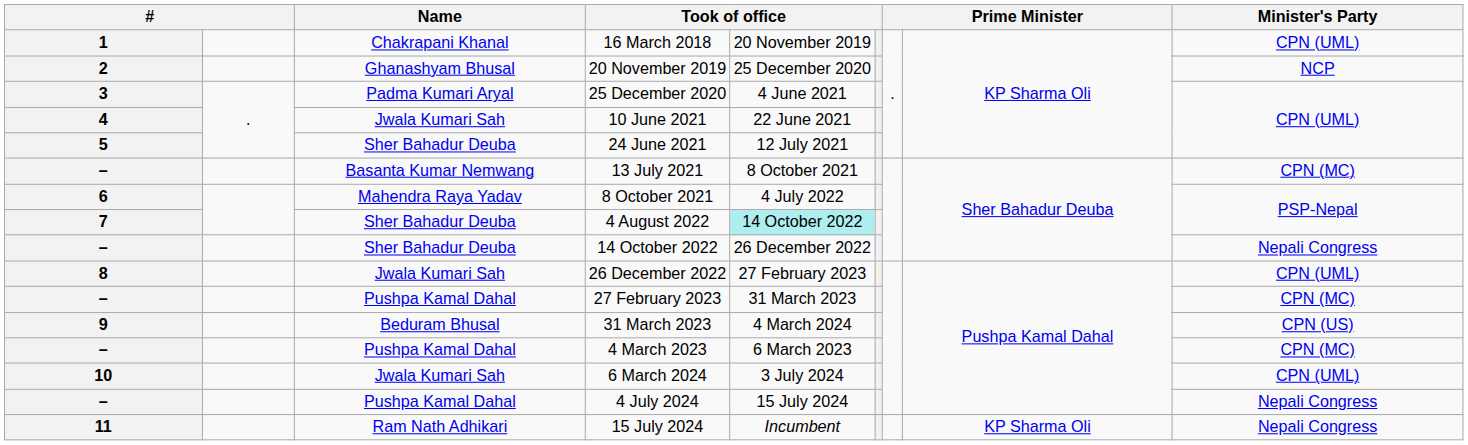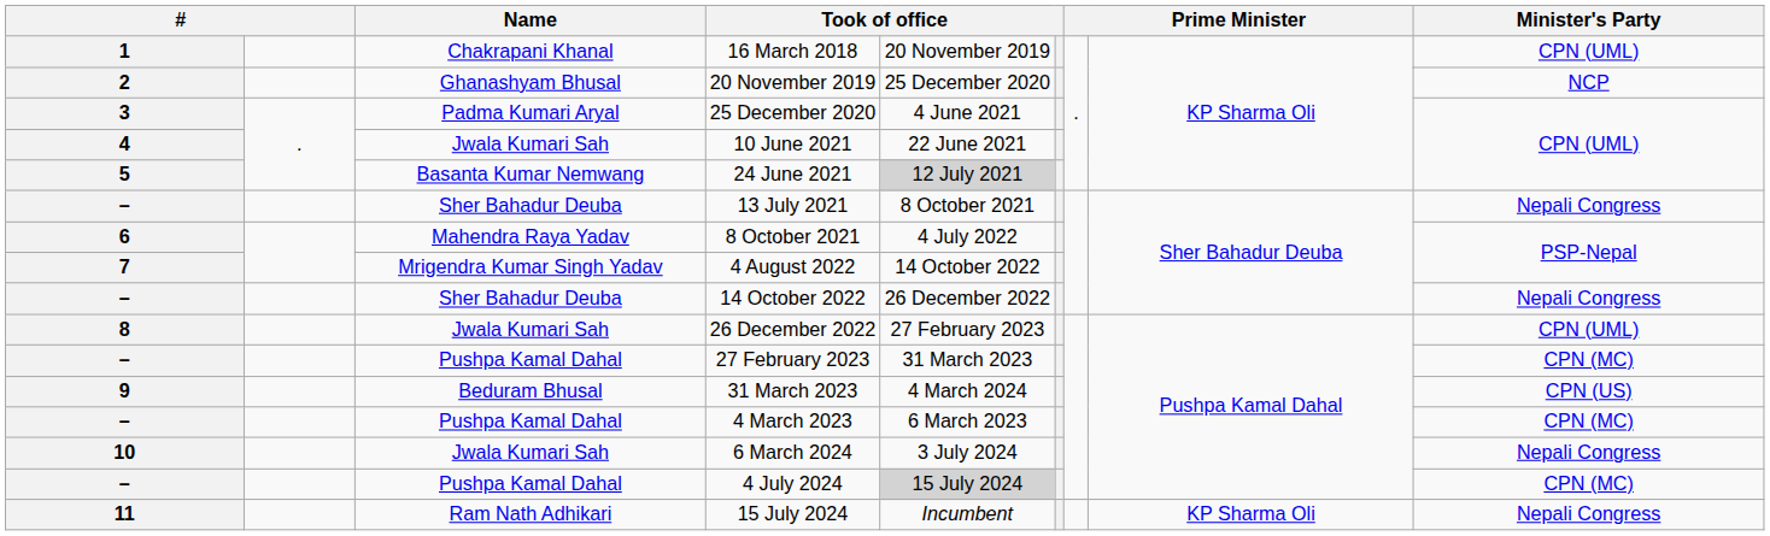 <table class="wikitable"  style="text-align:center">
 <tr>
 <th width=280px colspan="2">#</th>
 <th width=280px>Name</th>
 <th width=280px colspan="3">Took of office</th>
 <th width=280px colspan="2">Prime Minister</th>
 <th width=280px>Minister's Party</th>
 </tr>
 <tr>
 <th rowspan="2">1</th>
 <td style="background-color: "></td>
 <td rowspan="2"><a href='#'>Chakrapani Khanal</a><br></td>
 <td rowspan="2">16 March 2018</td>
 <td rowspan="2">20 November 2019</td>
 <th rowspan="2"></th>
 <td rowspan="6" style="background-color:">.</td>
 <td rowspan="6"><a href='#'>KP Sharma Oli</a></td>
 <td><a href='#'>CPN (UML)</a></td>
 </tr>
 <tr>
 <td rowspan="2" style="background-color: "></td>
 <td rowspan="2"><a href='#'>NCP</a></td>
 </tr>
 <tr>
 <th>2</th>
 <td><a href='#'>Ghanashyam Bhusal</a><br></td>
 <td>20 November 2019</td>
 <td>25 December 2020</td>
 <th></th>
 </tr>
 <tr>
 <th>3</th>
 <td rowspan="3" style="background-color:">.</td>
 <td><a href='#'>Padma Kumari Aryal</a><br></td>
 <td>25 December 2020</td>
 <td>4 June 2021</td>
 <th></th>
 <td rowspan="3"><a href='#'>CPN (UML)</a></td>
 </tr>
 <tr>
 <th>4</th>
 <td><a href='#'>Jwala Kumari Sah</a><br></td>
 <td>10 June 2021</td>
 <td>22 June 2021</td>
 <th></th>
 </tr>
 <tr>
 <th>5</th>
-<td><a href='#'>Sher Bahadur Deuba</a><br></td>
+<td><a href='#'>Basanta Kumar Nemwang</a><br></td>
 <td>24 June 2021</td>
-<td>12 July 2021</td>
+<td style="background: lightgrey;">12 July 2021</td>
 <th></th>
 </tr>
 <tr>
 <th>–</th>
 <td style="background-color: "></td>
-<td><a href='#'>Basanta Kumar Nemwang</a><br></td>
+<td><a href='#'>Sher Bahadur Deuba</a><br></td>
 <td>13 July 2021</td>
 <td>8 October 2021</td>
 <th></th>
 <td rowspan="4" style="background-color: "></td>
 <td rowspan="4"><a href='#'>Sher Bahadur Deuba</a></td>
-<td><a href='#'>CPN (MC)</a></td>
+<td><a href='#'>Nepali Congress</a></td>
 </tr>
 <tr>
 <th>6</th>
 <td rowspan="2" style="background-color: "></td>
 <td><a href='#'>Mahendra Raya Yadav</a><br></td>
 <td>8 October 2021</td>
 <td>4 July 2022</td>
 <th></th>
 <td rowspan="2"><a href='#'>PSP-Nepal</a></td>
 </tr>
 <tr>
 <th>7</th>
-<td><a href='#'>Sher Bahadur Deuba</a><br></td>
+<td><a href='#'>Mrigendra Kumar Singh Yadav</a><br></td>
 <td>4 August 2022</td>
-<td style="background: paleturquoise;">14 October 2022</td>
+<td>14 October 2022</td>
 <th></th>
 </tr>
 <tr>
 <th>–</th>
 <td style="background-color: "></td>
 <td><a href='#'>Sher Bahadur Deuba</a><br></td>
 <td>14 October 2022</td>
 <td>26 December 2022</td>
 <th></th>
 <td><a href='#'>Nepali Congress</a></td>
 </tr>
 <tr>
 <th>8</th>
 <td style="background-color: "></td>
 <td><a href='#'>Jwala Kumari Sah</a><br></td>
 <td>26 December 2022</td>
 <td>27 February 2023</td>
 <th></th>
 <td rowspan="6" style="background-color: "></td>
 <td rowspan="6"><a href='#'>Pushpa Kamal Dahal</a></td>
 <td><a href='#'>CPN (UML)</a></td>
 </tr>
 <tr>
 <th>–</th>
 <td style="background-color: "></td>
 <td><a href='#'>Pushpa Kamal Dahal</a><br></td>
 <td>27 February 2023</td>
 <td>31 March 2023</td>
 <th></th>
 <td><a href='#'>CPN (MC)</a></td>
 </tr>
 <tr>
 <th>9</th>
 <td style="background-color: "></td>
 <td><a href='#'>Beduram Bhusal</a><br></td>
 <td>31 March 2023</td>
 <td>4 March 2024</td>
 <th></th>
 <td><a href='#'>CPN (US)</a></td>
 </tr>
 <tr>
 <th>–</th>
 <td style="background-color: "></td>
 <td><a href='#'>Pushpa Kamal Dahal</a><br></td>
 <td>4 March 2023</td>
 <td>6 March 2023</td>
 <th></th>
 <td><a href='#'>CPN (MC)</a></td>
 </tr>
 <tr>
 <th>10</th>
 <td style="background-color: "></td>
 <td><a href='#'>Jwala Kumari Sah</a><br></td>
 <td>6 March 2024</td>
 <td>3 July 2024</td>
 <th></th>
-<td><a href='#'>CPN (UML)</a></td>
+<td><a href='#'>Nepali Congress</a></td>
 </tr>
 <tr>
 <th>–</th>
 <td style="background-color: "></td>
 <td><a href='#'>Pushpa Kamal Dahal</a><br></td>
 <td>4 July 2024</td>
-<td>15 July 2024</td>
+<td style="background: lightgrey;">15 July 2024</td>
 <th></th>
-<td><a href='#'>Nepali Congress</a></td>
+<td><a href='#'>CPN (MC)</a></td>
 </tr>
 <tr>
 <th>11</th>
 <td style="background-color: "></td>
 <td><a href='#'>Ram Nath Adhikari</a><br> </td>
 <td>15 July 2024</td>
 <td><em>Incumbent</em></td>
 <th></th>
 <td rowspan="1" style="background-color: "></td>
 <td rowspan="1"><a href='#'>KP Sharma Oli</a></td>
 <td><a href='#'>Nepali Congress</a></td>
 </tr>
 </table>
